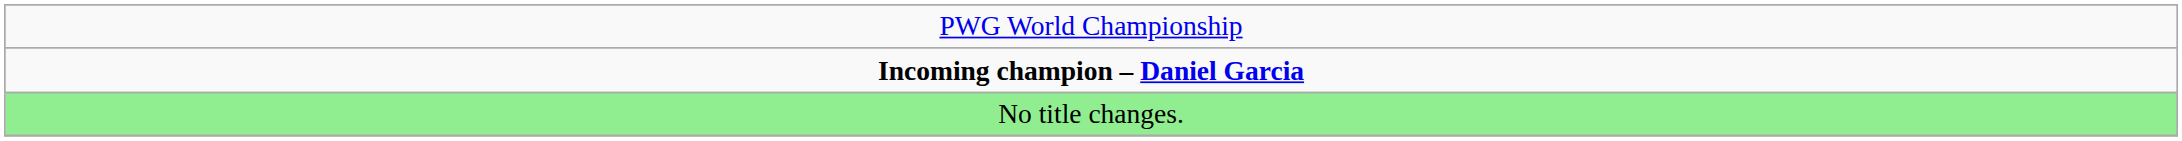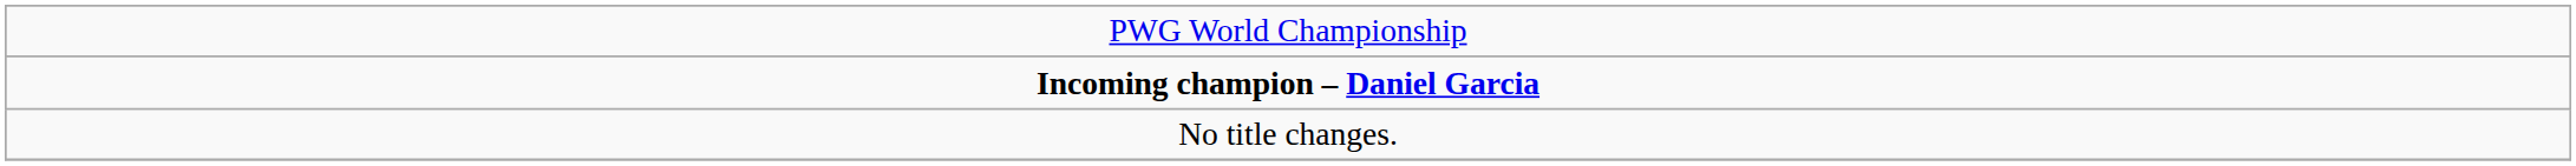 <table class="wikitable" style="text-align:center; width:100%;">
 <tr>
 <td colspan="5" style="text-align: center;"><a href='#'>PWG World Championship</a></td>
 </tr>
 <tr>
 <td colspan="5" style="text-align: center;"><strong>Incoming champion – <a href='#'>Daniel Garcia</a></strong></td>
 </tr>
 <tr>
-<td style="background: lightgreen;">No title changes.</td>
+<td>No title changes.</td>
 </tr>
 <tr>
 </tr>
 </table>
